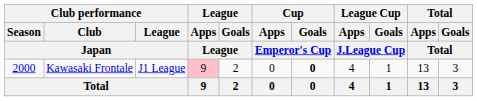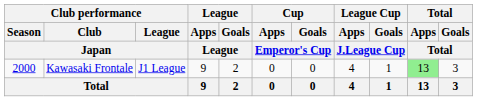 <table class="wikitable" style="text-align:center;">
 <tr>
 <th colspan=3>Club performance</th>
 <th colspan=2>League</th>
 <th colspan=2>Cup</th>
 <th colspan=2>League Cup</th>
 <th colspan=2>Total</th>
 </tr>
 <tr>
 <th>Season</th>
 <th>Club</th>
 <th>League</th>
 <th>Apps</th>
 <th>Goals</th>
 <th>Apps</th>
 <th>Goals</th>
 <th>Apps</th>
 <th>Goals</th>
 <th>Apps</th>
 <th>Goals</th>
 </tr>
 <tr>
 <th colspan=3>Japan</th>
 <th colspan=2>League</th>
 <th colspan=2><a href='#'>Emperor's Cup</a></th>
 <th colspan=2><a href='#'>J.League Cup</a></th>
 <th colspan=2>Total</th>
 </tr>
 <tr>
 <td><a href='#'>2000</a></td>
 <td><a href='#'>Kawasaki Frontale</a></td>
 <td><a href='#'>J1 League</a></td>
-<td style="background: pink;">9</td>
+<td>9</td>
 <td>2</td>
 <td>0</td>
-<td><strong>0</strong></td>
+<td>0</td>
 <td>4</td>
 <td>1</td>
-<td>13</td>
+<td style="background: lightgreen;">13</td>
 <td>3</td>
 </tr>
 <tr>
 <th colspan=3>Total</th>
 <th>9</th>
 <th>2</th>
 <th>0</th>
 <th>0</th>
 <th>4</th>
 <th>1</th>
 <th>13</th>
 <th>3</th>
 </tr>
 </table>
